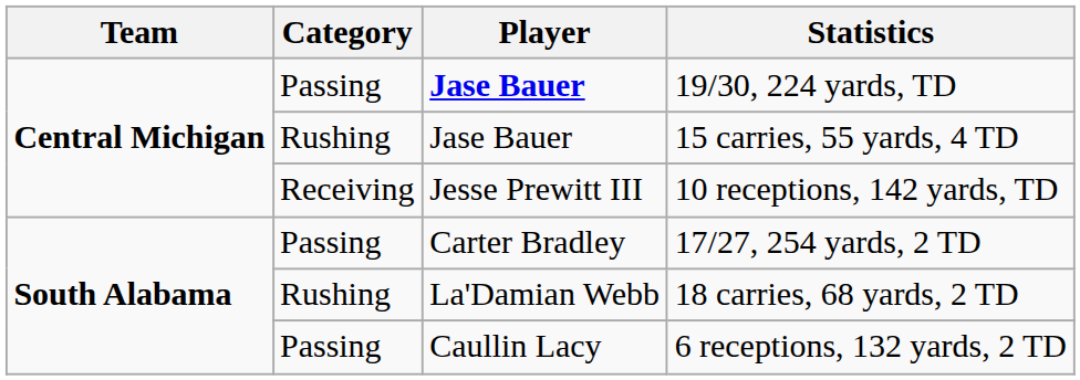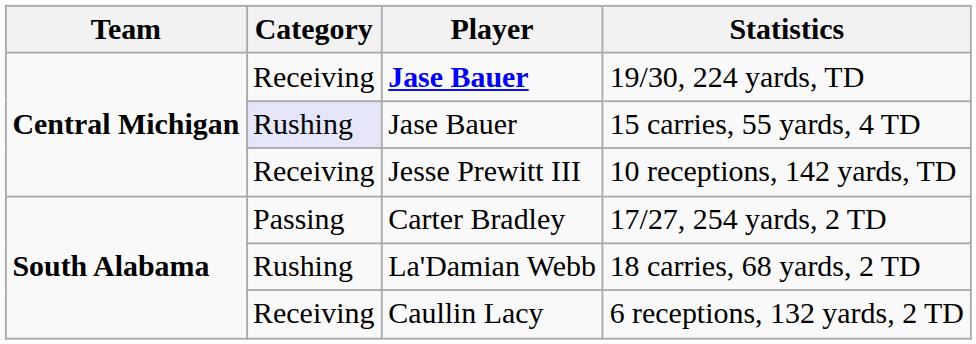 <table class="wikitable" style="float: right;">
 <tr>
 <th>Team</th>
 <th>Category</th>
 <th>Player</th>
 <th>Statistics</th>
 </tr>
 <tr>
 <td rowspan=3><strong>Central Michigan</strong></td>
-<td>Passing</td>
+<td>Receiving</td>
 <td><strong><a href='#'>Jase Bauer</a></strong></td>
 <td>19/30, 224 yards, TD</td>
 </tr>
 <tr>
-<td>Rushing</td>
+<td style="background: lavender;">Rushing</td>
 <td>Jase Bauer</td>
 <td>15 carries, 55 yards, 4 TD</td>
 </tr>
 <tr>
 <td>Receiving</td>
 <td>Jesse Prewitt III</td>
 <td>10 receptions, 142 yards, TD</td>
 </tr>
 <tr>
 <td rowspan=3><strong>South Alabama</strong></td>
 <td>Passing</td>
 <td>Carter Bradley</td>
 <td>17/27, 254 yards, 2 TD</td>
 </tr>
 <tr>
 <td>Rushing</td>
 <td>La'Damian Webb</td>
 <td>18 carries, 68 yards, 2 TD</td>
 </tr>
 <tr>
-<td>Passing</td>
+<td>Receiving</td>
 <td>Caullin Lacy</td>
 <td>6 receptions, 132 yards, 2 TD</td>
 </tr>
 </table>
